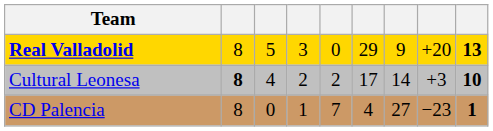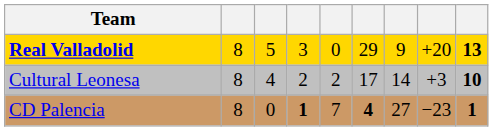 <table class="wikitable" style="text-align:center">
 <tr>
 <th width="175">Team</th>
 <th width="20"></th>
 <th width="20"></th>
 <th width="20"></th>
 <th width="20"></th>
 <th width="20"></th>
 <th width="20"></th>
 <th width="20"></th>
 <th width="20"></th>
 </tr>
 <tr bgcolor=gold>
 <td align=left><strong><a href='#'>Real Valladolid</a></strong></td>
 <td>8</td>
 <td>5</td>
 <td>3</td>
 <td>0</td>
 <td>29</td>
 <td>9</td>
 <td>+20</td>
 <td><strong>13</strong></td>
 </tr>
 <tr bgcolor=silver>
 <td align=left><a href='#'>Cultural Leonesa</a></td>
-<td><strong>8</strong></td>
+<td>8</td>
 <td>4</td>
 <td>2</td>
 <td>2</td>
 <td>17</td>
 <td>14</td>
 <td>+3</td>
 <td><strong>10</strong></td>
 </tr>
 <tr bgcolor=#cc9966>
 <td align=left><a href='#'>CD Palencia</a></td>
 <td>8</td>
 <td>0</td>
-<td>1</td>
+<td><strong>1</strong></td>
 <td>7</td>
-<td>4</td>
+<td><strong>4</strong></td>
 <td>27</td>
 <td>−23</td>
 <td><strong>1</strong></td>
 </tr>
 </table>
